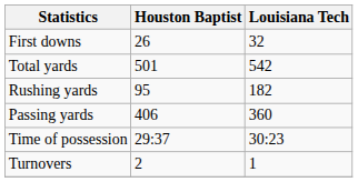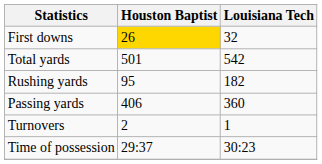 <table class="wikitable">
 <tr>
 <th>Statistics</th>
 <th>Houston Baptist</th>
 <th>Louisiana Tech</th>
 </tr>
 <tr>
 <td>First downs</td>
-<td>26</td>
+<td style="background: gold;">26</td>
 <td>32</td>
 </tr>
 <tr>
 <td>Total yards</td>
 <td>501</td>
 <td>542</td>
 </tr>
 <tr>
 <td>Rushing yards</td>
 <td>95</td>
 <td>182</td>
 </tr>
 <tr>
 <td>Passing yards</td>
 <td>406</td>
 <td>360</td>
 </tr>
 <tr>
+<td>Turnovers</td>
+<td>2</td>
+<td>1</td>
+</tr>
+<tr>
 <td>Time of possession</td>
 <td>29:37</td>
 <td>30:23</td>
 </tr>
 <tr>
-<td>Turnovers</td>
-<td>2</td>
-<td>1</td>
-</tr>
-<tr>
 </tr>
 </table>
